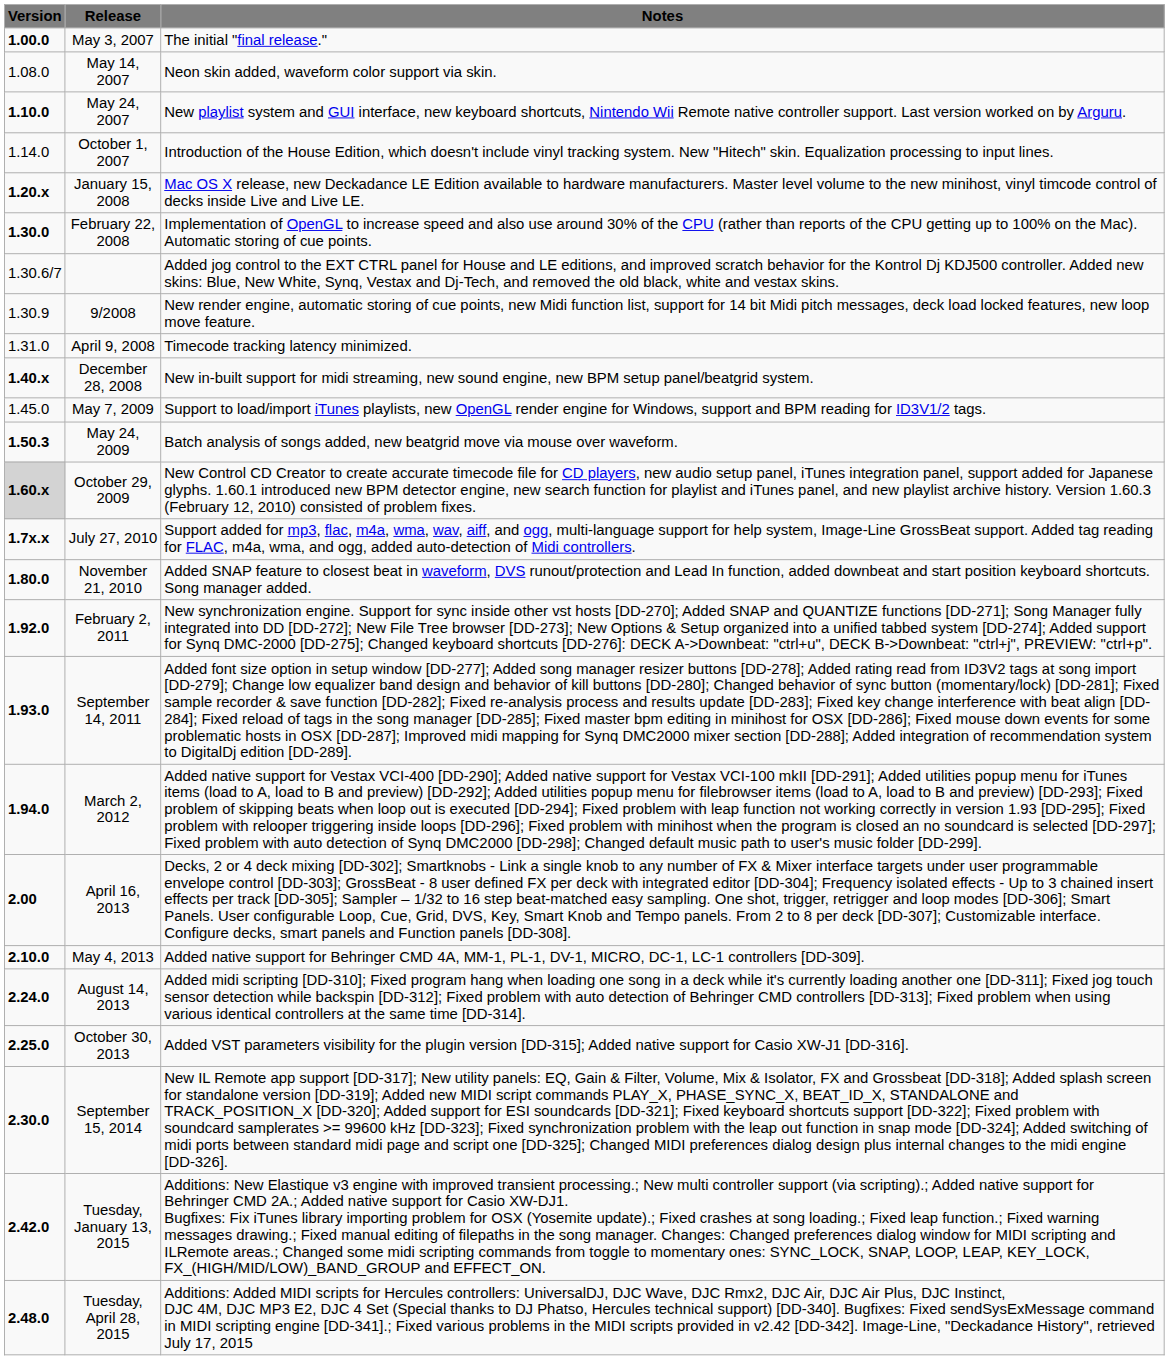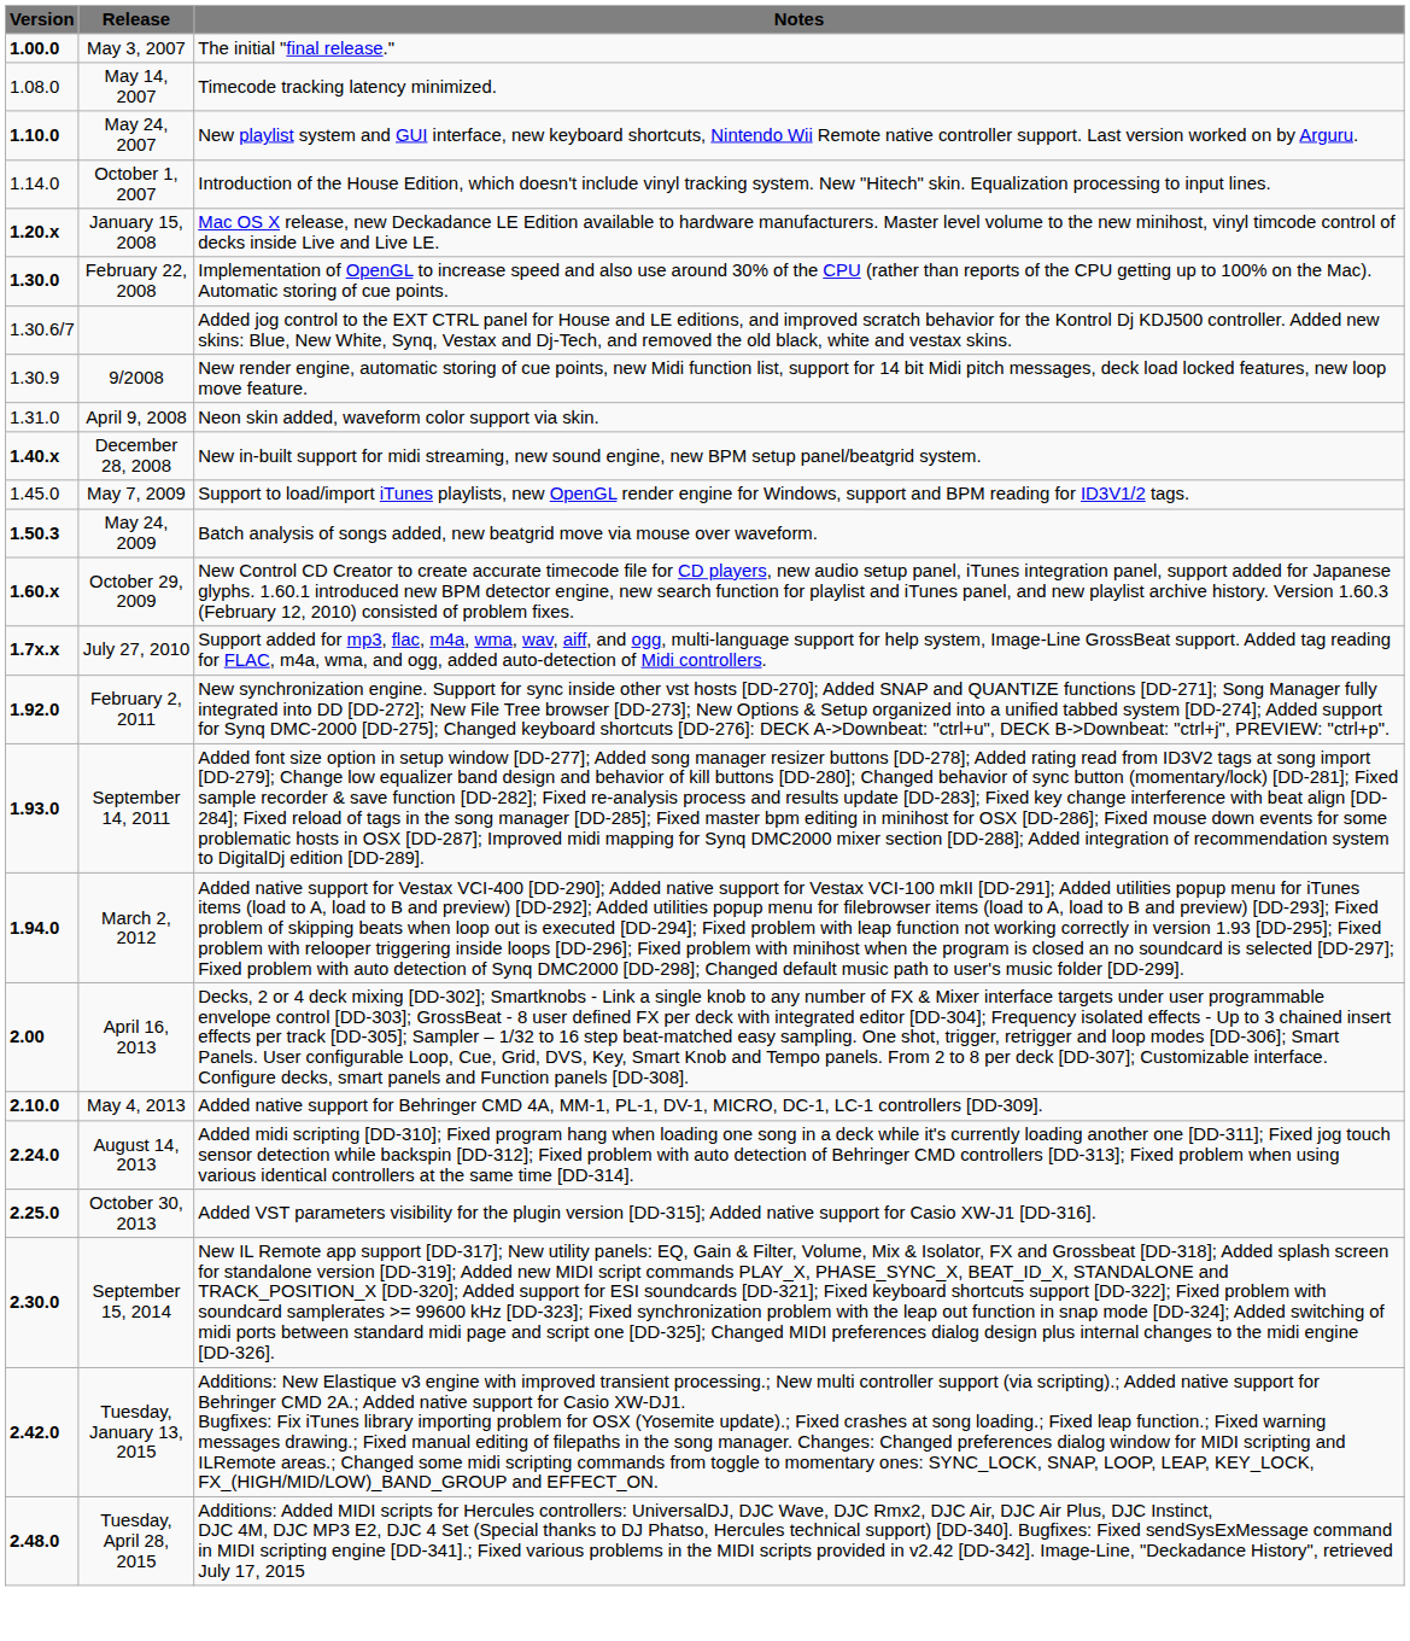 <table class="wikitable" style="margin:left;">
 <tr>
 <th style="background:gray;"><span>Version</span></th>
 <th style="background:gray;"><span>Release</span></th>
 <th style="background:gray;"><span>Notes</span></th>
 </tr>
 <tr>
 <td><strong>1.00.0</strong></td>
 <td style="text-align:center;">May 3, 2007</td>
 <td>The initial "<a href='#'>final release</a>."</td>
 </tr>
 <tr>
 <td>1.08.0</td>
 <td style="text-align:center;">May 14, 2007</td>
-<td>Neon skin added, waveform color support via skin.</td>
+<td>Timecode tracking latency minimized.</td>
 </tr>
 <tr>
 <td><strong>1.10.0</strong></td>
 <td style="text-align:center;">May 24, 2007</td>
 <td>New <a href='#'>playlist</a> system and <a href='#'>GUI</a> interface, new keyboard shortcuts, <a href='#'>Nintendo Wii</a> Remote native controller support. Last version worked on by <a href='#'>Arguru</a>.</td>
 </tr>
 <tr>
 <td>1.14.0</td>
 <td style="text-align:center;">October 1, 2007</td>
 <td>Introduction of the House Edition, which doesn't include vinyl tracking system. New "Hitech" skin. Equalization processing to input lines.</td>
 </tr>
 <tr>
 <td><strong>1.20.x</strong></td>
 <td style="text-align:center;">January 15, 2008</td>
 <td><a href='#'>Mac OS X</a> release, new Deckadance LE Edition available to hardware manufacturers. Master level volume to the new minihost, vinyl timcode control of decks inside Live and Live LE.</td>
 </tr>
 <tr>
 <td><strong>1.30.0</strong></td>
 <td style="text-align:center;">February 22, 2008</td>
 <td>Implementation of <a href='#'>OpenGL</a> to increase speed and also use around 30% of the <a href='#'>CPU</a> (rather than reports of the CPU getting up to 100% on the Mac). Automatic storing of cue points.</td>
 </tr>
 <tr>
 <td>1.30.6/7</td>
 <td style="text-align:center;"></td>
 <td>Added jog control to the EXT CTRL panel for House and LE editions, and improved scratch behavior for the Kontrol Dj KDJ500 controller. Added new skins: Blue, New White, Synq, Vestax and Dj-Tech, and removed the old black, white and vestax skins.</td>
 </tr>
 <tr>
 <td>1.30.9</td>
 <td style="text-align:center;">9/2008</td>
 <td>New render engine, automatic storing of cue points, new Midi function list, support for 14 bit Midi pitch messages, deck load locked features, new loop move feature.</td>
 </tr>
 <tr>
 <td>1.31.0</td>
 <td style="text-align:center;">April 9, 2008</td>
-<td>Timecode tracking latency minimized.</td>
+<td>Neon skin added, waveform color support via skin.</td>
 </tr>
 <tr>
 <td><strong>1.40.x</strong></td>
 <td style="text-align:center;">December 28, 2008</td>
 <td>New in-built support for midi streaming, new sound engine, new BPM setup panel/beatgrid system.</td>
 </tr>
 <tr>
 <td>1.45.0</td>
 <td style="text-align:center;">May 7, 2009</td>
 <td>Support to load/import <a href='#'>iTunes</a> playlists, new <a href='#'>OpenGL</a> render engine for Windows, support and BPM reading for <a href='#'>ID3V1/2</a> tags.</td>
 </tr>
 <tr>
 <td><strong>1.50.3</strong></td>
 <td style="text-align:center;">May 24, 2009</td>
 <td>Batch analysis of songs added, new beatgrid move via mouse over waveform.</td>
 </tr>
 <tr>
-<td style="background: lightgrey;"><strong>1.60.x</strong></td>
+<td><strong>1.60.x</strong></td>
 <td style="text-align:center;">October 29, 2009</td>
 <td>New Control CD Creator to create accurate timecode file for <a href='#'>CD players</a>, new audio setup panel, iTunes integration panel, support added for Japanese glyphs. 1.60.1 introduced new BPM detector engine, new search function for playlist and iTunes panel, and new playlist archive history. Version 1.60.3 (February 12, 2010) consisted of problem fixes.</td>
 </tr>
 <tr>
 <td><strong>1.7x.x</strong></td>
 <td style="text-align:center;">July 27, 2010</td>
 <td>Support added for <a href='#'>mp3</a>, <a href='#'>flac</a>, <a href='#'>m4a</a>, <a href='#'>wma</a>, <a href='#'>wav</a>, <a href='#'>aiff</a>, and <a href='#'>ogg</a>, multi-language support for help system, Image-Line GrossBeat support. Added tag reading for <a href='#'>FLAC</a>, m4a, wma, and ogg, added auto-detection of <a href='#'>Midi controllers</a>.</td>
-</tr>
-<tr>
-<td><strong>1.80.0</strong></td>
-<td style="text-align:center;">November 21, 2010</td>
-<td>Added SNAP feature to closest beat in <a href='#'>waveform</a>, <a href='#'>DVS</a> runout/protection and Lead In function, added downbeat and start position keyboard shortcuts. Song manager added.</td>
 </tr>
 <tr>
 <td><strong>1.92.0</strong></td>
 <td style="text-align:center;">February 2, 2011</td>
 <td>New synchronization engine. Support for sync inside other vst hosts [DD-270]; Added SNAP and QUANTIZE functions [DD-271]; Song Manager fully integrated into DD [DD-272]; New File Tree browser [DD-273]; New Options & Setup organized into a unified tabbed system [DD-274]; Added support for Synq DMC-2000 [DD-275]; Changed keyboard shortcuts [DD-276]: DECK A->Downbeat: "ctrl+u", DECK B->Downbeat: "ctrl+j", PREVIEW: "ctrl+p".</td>
 </tr>
 <tr>
 <td><strong>1.93.0</strong></td>
 <td style="text-align:center;">September 14, 2011</td>
 <td>Added font size option in setup window [DD-277]; Added song manager resizer buttons [DD-278]; Added rating read from ID3V2 tags at song import [DD-279]; Change low equalizer band design and behavior of kill buttons [DD-280]; Changed behavior of sync button (momentary/lock) [DD-281]; Fixed sample recorder & save function [DD-282]; Fixed re-analysis process and results update [DD-283]; Fixed key change interference with beat align [DD-284]; Fixed reload of tags in the song manager [DD-285]; Fixed master bpm editing in minihost for OSX [DD-286]; Fixed mouse down events for some problematic hosts in OSX [DD-287]; Improved midi mapping for Synq DMC2000 mixer section [DD-288]; Added integration of recommendation system to DigitalDj edition [DD-289].</td>
 </tr>
 <tr>
 <td><strong>1.94.0</strong></td>
 <td style="text-align:center;">March 2, 2012</td>
 <td>Added native support for Vestax VCI-400 [DD-290]; Added native support for Vestax VCI-100 mkII [DD-291]; Added utilities popup menu for iTunes items (load to A, load to B and preview) [DD-292]; Added utilities popup menu for filebrowser items (load to A, load to B and preview) [DD-293]; Fixed problem of skipping beats when loop out is executed [DD-294]; Fixed problem with leap function not working correctly in version 1.93 [DD-295]; Fixed problem with relooper triggering inside loops [DD-296]; Fixed problem with minihost when the program is closed an no soundcard is selected [DD-297]; Fixed problem with auto detection of Synq DMC2000 [DD-298]; Changed default music path to user's music folder [DD-299].</td>
 </tr>
 <tr>
 <td><strong>2.00</strong></td>
 <td style="text-align:center;">April 16, 2013</td>
 <td>Decks, 2 or 4 deck mixing [DD-302]; Smartknobs - Link a single knob to any number of FX & Mixer interface targets under user programmable envelope control [DD-303]; GrossBeat - 8 user defined FX per deck with integrated editor [DD-304]; Frequency isolated effects - Up to 3 chained insert effects per track [DD-305]; Sampler – 1/32 to 16 step beat-matched easy sampling. One shot, trigger, retrigger and loop modes [DD-306]; Smart Panels. User configurable Loop, Cue, Grid, DVS, Key, Smart Knob and Tempo panels. From 2 to 8 per deck [DD-307]; Customizable interface. Configure decks, smart panels and Function panels [DD-308].</td>
 </tr>
 <tr>
 <td><strong>2.10.0</strong></td>
 <td style="text-align:center;">May 4, 2013</td>
 <td>Added native support for Behringer CMD 4A, MM-1, PL-1, DV-1, MICRO, DC-1, LC-1 controllers [DD-309].</td>
 </tr>
 <tr>
 <td><strong>2.24.0</strong></td>
 <td style="text-align:center;">August 14, 2013</td>
 <td>Added midi scripting [DD-310]; Fixed program hang when loading one song in a deck while it's currently loading another one [DD-311]; Fixed jog touch sensor detection while backspin [DD-312]; Fixed problem with auto detection of Behringer CMD controllers [DD-313]; Fixed problem when using various identical controllers at the same time [DD-314].</td>
 </tr>
 <tr>
 <td><strong>2.25.0</strong></td>
 <td style="text-align:center;">October 30, 2013</td>
 <td>Added VST parameters visibility for the plugin version [DD-315]; Added native support for Casio XW-J1 [DD-316].</td>
 </tr>
 <tr>
 <td><strong>2.30.0</strong></td>
 <td style="text-align:center;">September 15, 2014</td>
 <td>New IL Remote app support [DD-317]; New utility panels: EQ, Gain & Filter, Volume, Mix & Isolator, FX and Grossbeat [DD-318]; Added splash screen for standalone version [DD-319]; Added new MIDI script commands PLAY_X, PHASE_SYNC_X, BEAT_ID_X, STANDALONE and TRACK_POSITION_X [DD-320]; Added support for ESI soundcards [DD-321]; Fixed keyboard shortcuts support [DD-322]; Fixed problem with soundcard samplerates >= 99600 kHz [DD-323]; Fixed synchronization problem with the leap out function in snap mode [DD-324]; Added switching of midi ports between standard midi page and script one [DD-325]; Changed MIDI preferences dialog design plus internal changes to the midi engine [DD-326].</td>
 </tr>
 <tr>
 <td><strong>2.42.0</strong></td>
 <td style="text-align:center;">Tuesday, January 13, 2015</td>
 <td>Additions: New Elastique v3 engine with improved transient processing.; New multi controller support (via scripting).; Added native support for Behringer CMD 2A.; Added native support for Casio XW-DJ1.<br>Bugfixes: Fix iTunes library importing problem for OSX (Yosemite update).; Fixed crashes at song loading.; Fixed leap function.; Fixed warning messages drawing.; Fixed manual editing of filepaths in the song manager. Changes: Changed preferences dialog window for MIDI scripting and ILRemote areas.; Changed some midi scripting commands from toggle to momentary ones: SYNC_LOCK, SNAP, LOOP, LEAP, KEY_LOCK, FX_(HIGH/MID/LOW)_BAND_GROUP and EFFECT_ON.</td>
 </tr>
 <tr>
 <td><strong>2.48.0</strong></td>
 <td style="text-align:center;">Tuesday, April 28, 2015</td>
 <td>Additions: Added MIDI scripts for Hercules controllers: UniversalDJ, DJC Wave, DJC Rmx2, DJC Air, DJC Air Plus, DJC Instinct,<br>DJC 4M, DJC MP3 E2, DJC 4 Set (Special thanks to DJ Phatso, Hercules technical support) [DD-340]. Bugfixes:  Fixed sendSysExMessage command in MIDI scripting engine [DD-341].; Fixed various problems in the MIDI scripts provided in v2.42 [DD-342].  Image-Line, "Deckadance History", retrieved July 17, 2015</td>
 </tr>
 </table>
